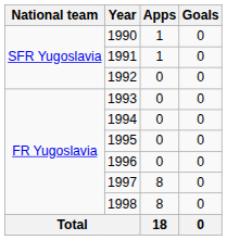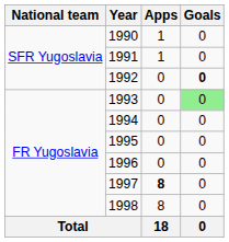 <table class="wikitable" style="text-align:center">
 <tr>
 <th>National team</th>
 <th>Year</th>
 <th>Apps</th>
 <th>Goals</th>
 </tr>
 <tr>
 <td rowspan="3"><a href='#'>SFR Yugoslavia</a></td>
 <td>1990</td>
 <td>1</td>
 <td>0</td>
 </tr>
 <tr>
 <td>1991</td>
 <td>1</td>
 <td>0</td>
 </tr>
 <tr>
 <td>1992</td>
 <td>0</td>
-<td>0</td>
+<td><strong>0</strong></td>
 </tr>
 <tr>
 <td rowspan="6"><a href='#'>FR Yugoslavia</a></td>
 <td>1993</td>
 <td>0</td>
-<td>0</td>
+<td style="background: lightgreen;">0</td>
 </tr>
 <tr>
 <td>1994</td>
 <td>0</td>
 <td>0</td>
 </tr>
 <tr>
 <td>1995</td>
 <td>0</td>
 <td>0</td>
 </tr>
 <tr>
 <td>1996</td>
 <td>0</td>
 <td>0</td>
 </tr>
 <tr>
 <td>1997</td>
-<td>8</td>
+<td><strong>8</strong></td>
 <td>0</td>
 </tr>
 <tr>
 <td>1998</td>
 <td>8</td>
 <td>0</td>
 </tr>
 <tr>
 <th colspan="2">Total</th>
 <th>18</th>
 <th>0</th>
 </tr>
 </table>
